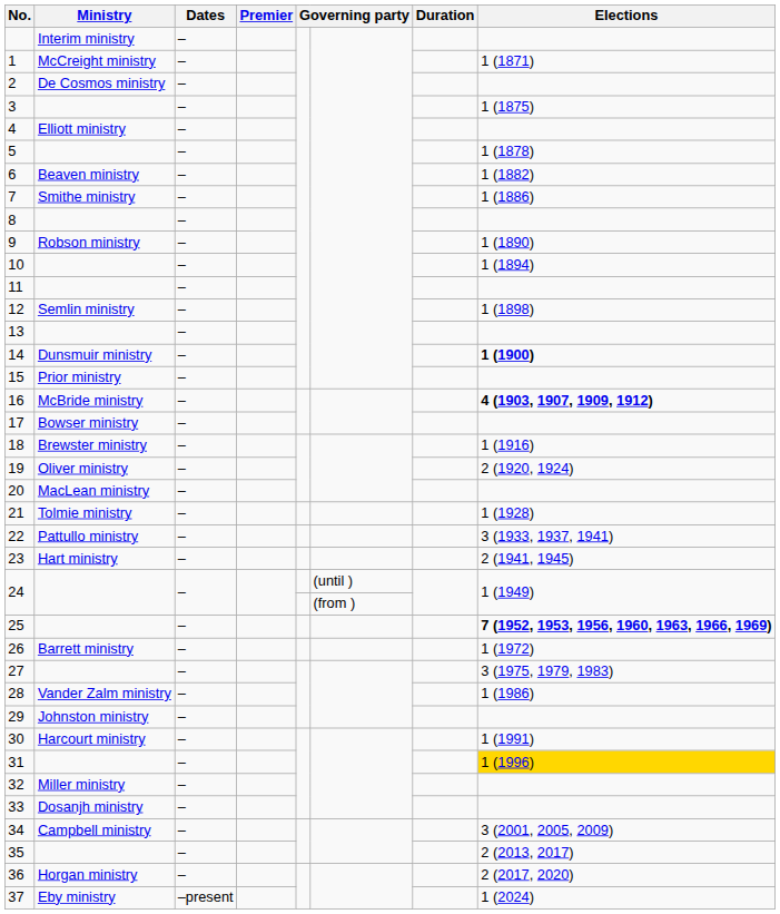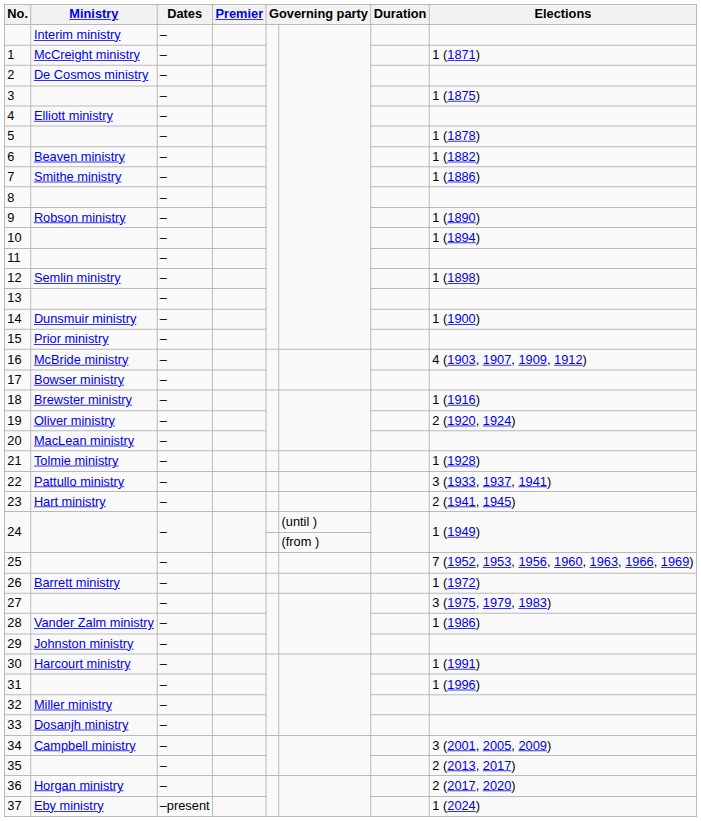 <table class="wikitable plainrowheaders sticky-header-multi sortable">
 <tr>
 <th>No.</th>
 <th><a href='#'>Ministry</a></th>
 <th>Dates</th>
 <th><a href='#'>Premier</a></th>
 <th colspan="2">Governing party</th>
 <th>Duration</th>
 <th>Elections</th>
 </tr>
 <tr>
 <td></td>
 <td><a href='#'>Interim ministry</a></td>
 <td>–</td>
 <td></td>
 <td rowspan="16"></td>
 <td rowspan="16"></td>
 <td></td>
 <td></td>
 </tr>
 <tr>
 <td>1</td>
 <td><a href='#'>McCreight ministry</a></td>
 <td>–</td>
 <td></td>
 <td></td>
 <td>1 (<a href='#'>1871</a>)</td>
 </tr>
 <tr>
 <td>2</td>
 <td><a href='#'>De Cosmos ministry</a></td>
 <td>–</td>
 <td></td>
 <td></td>
 <td></td>
 </tr>
 <tr>
 <td>3</td>
 <td></td>
 <td>–</td>
 <td></td>
 <td></td>
 <td>1 (<a href='#'>1875</a>)</td>
 </tr>
 <tr>
 <td>4</td>
 <td><a href='#'>Elliott ministry</a></td>
 <td>–</td>
 <td></td>
 <td></td>
 <td></td>
 </tr>
 <tr>
 <td>5</td>
 <td></td>
 <td>–</td>
 <td></td>
 <td></td>
 <td>1 (<a href='#'>1878</a>)</td>
 </tr>
 <tr>
 <td>6</td>
 <td><a href='#'>Beaven ministry</a></td>
 <td>–</td>
 <td></td>
 <td></td>
 <td>1 (<a href='#'>1882</a>)</td>
 </tr>
 <tr>
 <td>7</td>
 <td><a href='#'>Smithe ministry</a></td>
 <td>–</td>
 <td></td>
 <td></td>
 <td>1 (<a href='#'>1886</a>)</td>
 </tr>
 <tr>
 <td>8</td>
 <td></td>
 <td>–</td>
 <td></td>
 <td></td>
 <td></td>
 </tr>
 <tr>
 <td>9</td>
 <td><a href='#'>Robson ministry</a></td>
 <td>–</td>
 <td></td>
 <td></td>
 <td>1 (<a href='#'>1890</a>)</td>
 </tr>
 <tr>
 <td>10</td>
 <td></td>
 <td>–</td>
 <td></td>
 <td></td>
 <td>1 (<a href='#'>1894</a>)</td>
 </tr>
 <tr>
 <td>11</td>
 <td></td>
 <td>–</td>
 <td></td>
 <td></td>
 <td></td>
 </tr>
 <tr>
 <td>12</td>
 <td><a href='#'>Semlin ministry</a></td>
 <td>–</td>
 <td></td>
 <td></td>
 <td>1 (<a href='#'>1898</a>)</td>
 </tr>
 <tr>
 <td>13</td>
 <td></td>
 <td>–</td>
 <td></td>
 <td></td>
 <td></td>
 </tr>
 <tr>
 <td>14</td>
 <td><a href='#'>Dunsmuir ministry</a></td>
 <td>–</td>
 <td></td>
 <td></td>
-<td><strong>1 (<a href='#'>1900</a>)</strong></td>
+<td>1 (<a href='#'>1900</a>)</td>
 </tr>
 <tr>
 <td>15</td>
 <td><a href='#'>Prior ministry</a></td>
 <td>–</td>
 <td></td>
 <td></td>
 <td></td>
 </tr>
 <tr>
 <td>16</td>
 <td><a href='#'>McBride ministry</a></td>
 <td>–</td>
 <td></td>
 <td rowspan="2"></td>
 <td rowspan="2"></td>
 <td></td>
-<td><strong>4 (<a href='#'>1903</a>, <a href='#'>1907</a>, <a href='#'>1909</a>, <a href='#'>1912</a>)</strong></td>
+<td>4 (<a href='#'>1903</a>, <a href='#'>1907</a>, <a href='#'>1909</a>, <a href='#'>1912</a>)</td>
 </tr>
 <tr>
 <td>17</td>
 <td><a href='#'>Bowser ministry</a></td>
 <td>–</td>
 <td></td>
 <td></td>
 <td></td>
 </tr>
 <tr>
 <td>18</td>
 <td><a href='#'>Brewster ministry</a></td>
 <td>–</td>
 <td></td>
 <td rowspan="3"></td>
 <td rowspan="3"></td>
 <td></td>
 <td>1 (<a href='#'>1916</a>)</td>
 </tr>
 <tr>
 <td>19</td>
 <td><a href='#'>Oliver ministry</a></td>
 <td>–</td>
 <td></td>
 <td></td>
 <td>2 (<a href='#'>1920</a>, <a href='#'>1924</a>)</td>
 </tr>
 <tr>
 <td>20</td>
 <td><a href='#'>MacLean ministry</a></td>
 <td>–</td>
 <td></td>
 <td></td>
 <td></td>
 </tr>
 <tr>
 <td>21</td>
 <td><a href='#'>Tolmie ministry</a></td>
 <td>–</td>
 <td></td>
 <td></td>
 <td></td>
 <td></td>
 <td>1 (<a href='#'>1928</a>)</td>
 </tr>
 <tr>
 <td>22</td>
 <td><a href='#'>Pattullo ministry</a></td>
 <td>–</td>
 <td></td>
 <td></td>
 <td></td>
 <td></td>
 <td>3 (<a href='#'>1933</a>, <a href='#'>1937</a>, <a href='#'>1941</a>)</td>
 </tr>
 <tr>
 <td>23</td>
 <td><a href='#'>Hart ministry</a></td>
 <td>–</td>
 <td></td>
 <td></td>
 <td></td>
 <td></td>
 <td>2 (<a href='#'>1941</a>, <a href='#'>1945</a>)</td>
 </tr>
 <tr>
 <td rowspan="2">24</td>
 <td rowspan="2"></td>
 <td rowspan="2">–</td>
 <td rowspan="2"></td>
 <td></td>
 <td> (until )</td>
 <td rowspan="2"></td>
 <td rowspan="2">1 (<a href='#'>1949</a>)</td>
 </tr>
 <tr>
 <td></td>
 <td> (from )</td>
 </tr>
 <tr>
 <td>25</td>
 <td></td>
 <td>–</td>
 <td></td>
 <td></td>
 <td></td>
 <td></td>
-<td><strong>7 (<a href='#'>1952</a>, <a href='#'>1953</a>, <a href='#'>1956</a>, <a href='#'>1960</a>, <a href='#'>1963</a>, <a href='#'>1966</a>, <a href='#'>1969</a>)</strong></td>
+<td>7 (<a href='#'>1952</a>, <a href='#'>1953</a>, <a href='#'>1956</a>, <a href='#'>1960</a>, <a href='#'>1963</a>, <a href='#'>1966</a>, <a href='#'>1969</a>)</td>
 </tr>
 <tr>
 <td>26</td>
 <td><a href='#'>Barrett ministry</a></td>
 <td>–</td>
 <td></td>
 <td></td>
 <td></td>
 <td></td>
 <td>1 (<a href='#'>1972</a>)</td>
 </tr>
 <tr>
 <td>27</td>
 <td></td>
 <td>–</td>
 <td></td>
 <td rowspan="3"></td>
 <td rowspan="3"></td>
 <td></td>
 <td>3 (<a href='#'>1975</a>, <a href='#'>1979</a>, <a href='#'>1983</a>)</td>
 </tr>
 <tr>
 <td>28</td>
 <td><a href='#'>Vander Zalm ministry</a></td>
 <td>–</td>
 <td></td>
 <td></td>
 <td>1 (<a href='#'>1986</a>)</td>
 </tr>
 <tr>
 <td>29</td>
 <td><a href='#'>Johnston ministry</a></td>
 <td>–</td>
 <td></td>
 <td></td>
 <td></td>
 </tr>
 <tr>
 <td>30</td>
 <td><a href='#'>Harcourt ministry</a></td>
 <td>–</td>
 <td></td>
 <td rowspan="4"></td>
 <td rowspan="4"></td>
 <td></td>
 <td>1 (<a href='#'>1991</a>)</td>
 </tr>
 <tr>
 <td>31</td>
 <td></td>
 <td>–</td>
 <td></td>
 <td></td>
-<td style="background: gold;">1 (<a href='#'>1996</a>)</td>
+<td>1 (<a href='#'>1996</a>)</td>
 </tr>
 <tr>
 <td>32</td>
 <td><a href='#'>Miller ministry</a></td>
 <td>–</td>
 <td></td>
 <td></td>
 <td></td>
 </tr>
 <tr>
 <td>33</td>
 <td><a href='#'>Dosanjh ministry</a></td>
 <td>–</td>
 <td></td>
 <td></td>
 <td></td>
 </tr>
 <tr>
 <td>34</td>
 <td><a href='#'>Campbell ministry</a></td>
 <td>–</td>
 <td></td>
 <td rowspan="2"></td>
 <td rowspan="2"></td>
 <td></td>
 <td>3 (<a href='#'>2001</a>, <a href='#'>2005</a>, <a href='#'>2009</a>)</td>
 </tr>
 <tr>
 <td>35</td>
 <td></td>
 <td>–</td>
 <td></td>
 <td></td>
 <td>2 (<a href='#'>2013</a>, <a href='#'>2017</a>)</td>
 </tr>
 <tr>
 <td>36</td>
 <td><a href='#'>Horgan ministry</a></td>
 <td><a href='#'></a>–</td>
 <td></td>
 <td rowspan="2"></td>
 <td rowspan="2"></td>
 <td></td>
 <td>2 (<a href='#'>2017</a>, <a href='#'>2020</a>)</td>
 </tr>
 <tr>
 <td>37</td>
 <td><a href='#'>Eby ministry</a></td>
 <td>–present</td>
 <td></td>
 <td></td>
 <td>1 (<a href='#'>2024</a>)</td>
 </tr>
 </table>
